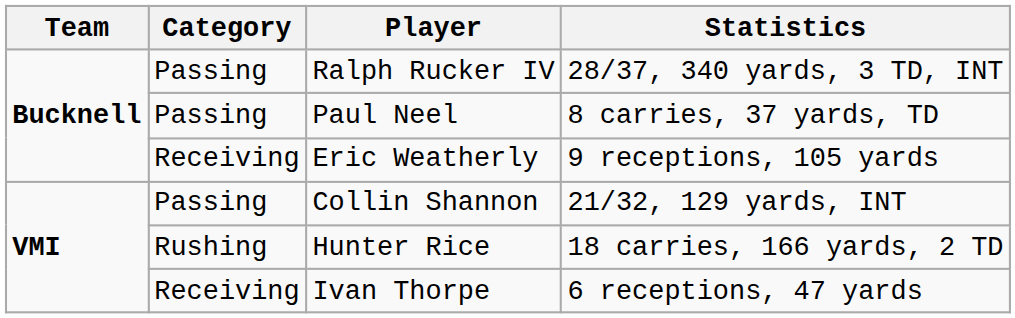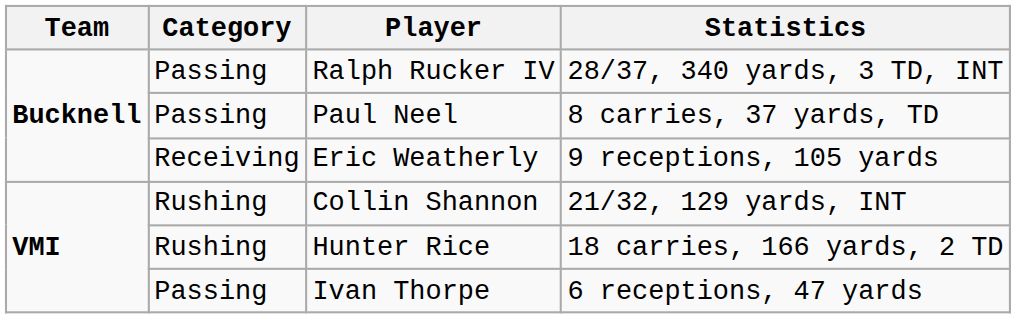 <table class="wikitable" style="float: right;">
 <tr>
 <th>Team</th>
 <th>Category</th>
 <th>Player</th>
 <th>Statistics</th>
 </tr>
 <tr>
 <td rowspan=3><strong>Bucknell</strong></td>
 <td>Passing</td>
 <td>Ralph Rucker IV</td>
 <td>28/37, 340 yards, 3 TD, INT</td>
 </tr>
 <tr>
 <td>Passing</td>
 <td>Paul Neel</td>
 <td>8 carries, 37 yards, TD</td>
 </tr>
 <tr>
 <td>Receiving</td>
 <td>Eric Weatherly</td>
 <td>9 receptions, 105 yards</td>
 </tr>
 <tr>
 <td rowspan=3><strong>VMI</strong></td>
-<td>Passing</td>
+<td>Rushing</td>
 <td>Collin Shannon</td>
 <td>21/32, 129 yards, INT</td>
 </tr>
 <tr>
 <td>Rushing</td>
 <td>Hunter Rice</td>
 <td>18 carries, 166 yards, 2 TD</td>
 </tr>
 <tr>
-<td>Receiving</td>
+<td>Passing</td>
 <td>Ivan Thorpe</td>
 <td>6 receptions, 47 yards</td>
 </tr>
 </table>
